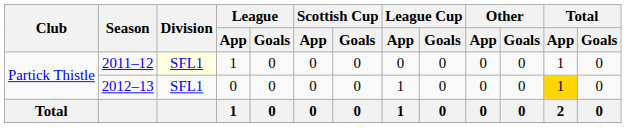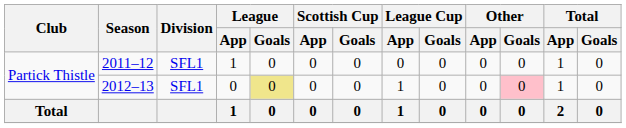 <table class="wikitable">
 <tr>
 <th rowspan=2>Club</th>
 <th rowspan=2>Season</th>
 <th rowspan=2>Division</th>
 <th colspan=2>League</th>
 <th colspan=2>Scottish Cup</th>
 <th colspan=2>League Cup</th>
 <th colspan=2>Other</th>
 <th colspan=2>Total</th>
 </tr>
 <tr>
 <th>App</th>
 <th>Goals</th>
 <th>App</th>
 <th>Goals</th>
 <th>App</th>
 <th>Goals</th>
 <th>App</th>
 <th>Goals</th>
 <th>App</th>
 <th>Goals</th>
 </tr>
 <tr align=center>
 <td rowspan=2><a href='#'>Partick Thistle</a></td>
 <td><a href='#'>2011–12</a></td>
-<td style="background: lightyellow;"><a href='#'>SFL1</a></td>
+<td><a href='#'>SFL1</a></td>
 <td>1</td>
 <td>0</td>
 <td>0</td>
 <td>0</td>
 <td>0</td>
 <td>0</td>
 <td>0</td>
 <td>0</td>
 <td>1</td>
 <td>0</td>
 </tr>
 <tr align=center>
 <td><a href='#'>2012–13</a></td>
 <td><a href='#'>SFL1</a></td>
 <td>0</td>
-<td>0</td>
+<td style="background: khaki;">0</td>
 <td>0</td>
 <td>0</td>
 <td>1</td>
 <td>0</td>
 <td>0</td>
-<td>0</td>
-<td style="background: gold;">1</td>
+<td style="background: pink;">0</td>
+<td>1</td>
 <td>0</td>
 </tr>
 <tr align=center>
 <th>Total</th>
 <th></th>
 <th></th>
 <th>1</th>
 <th>0</th>
 <th>0</th>
 <th>0</th>
 <th>1</th>
 <th>0</th>
 <th>0</th>
 <th>0</th>
 <th>2</th>
 <th>0</th>
 </tr>
 <tr>
 </tr>
 </table>
